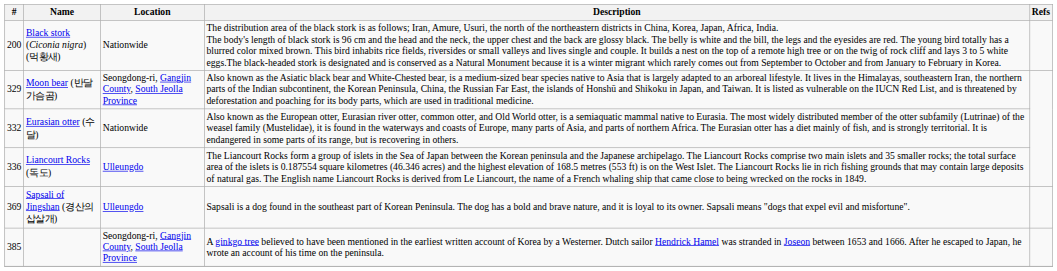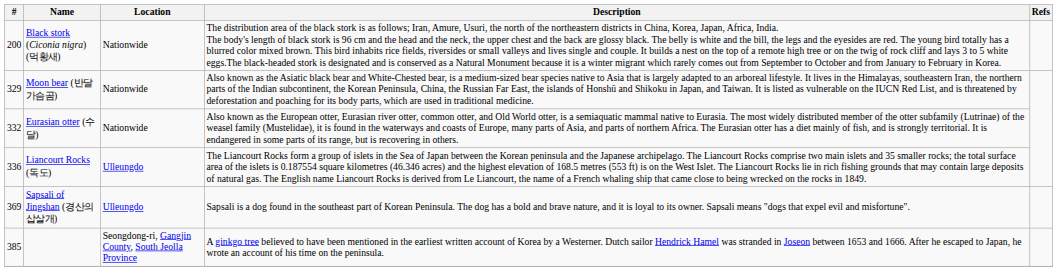 <table class="wikitable sortable" style="margin-left: 5px; font-size: 90%;">
 <tr>
 <th align="center">#</th>
 <th align="center">Name</th>
 <th align="center">Location</th>
 <th align="center">Description</th>
 <th align="center">Refs</th>
 </tr>
 <tr>
 <td>200</td>
 <td><a href='#'>Black stork</a> (<em>Ciconia nigra</em>) (먹황새)</td>
 <td>Nationwide</td>
 <td>The distribution area of the black stork is as follows; Iran, Amure, Usuri, the north of the northeastern districts in China, Korea, Japan, Africa, India.<br>The body's length of black stork is 96 cm and the head and the neck, the upper chest and the back are glossy black. The belly is white and the bill, the legs and the eyesides are red. The young bird totally has a blurred color mixed brown. This bird inhabits rice fields, riversides or small valleys and lives single and couple. It builds a nest on the top of a remote high tree or on the twig of rock cliff and lays 3 to 5 white eggs.The black-headed stork is designated and is conserved as a Natural Monument because it is a winter migrant which rarely comes out from September to October and from January to February in Korea.</td>
 <td></td>
 </tr>
 <tr>
 <td>329</td>
 <td><a href='#'>Moon bear</a> (반달가슴곰)</td>
-<td>Seongdong-ri, <a href='#'>Gangjin County</a>, <a href='#'>South Jeolla Province</a></td>
+<td>Nationwide</td>
 <td>Also known as the Asiatic black bear and White-Chested bear, is a medium-sized bear species native to Asia that is largely adapted to an arboreal lifestyle. It lives in the Himalayas, southeastern Iran, the northern parts of the Indian subcontinent, the Korean Peninsula, China, the Russian Far East, the islands of Honshū and Shikoku in Japan, and Taiwan. It is listed as vulnerable on the IUCN Red List, and is threatened by deforestation and poaching for its body parts, which are used in traditional medicine.</td>
 </tr>
 <tr>
 <td>332</td>
 <td><a href='#'>Eurasian otter</a> (수달)</td>
 <td>Nationwide</td>
 <td>Also known as the European otter, Eurasian river otter, common otter, and Old World otter, is a semiaquatic mammal native to Eurasia. The most widely distributed member of the otter subfamily (Lutrinae) of the weasel family (Mustelidae), it is found in the waterways and coasts of Europe, many parts of Asia, and parts of northern Africa. The Eurasian otter has a diet mainly of fish, and is strongly territorial. It is endangered in some parts of its range, but is recovering in others.</td>
 </tr>
 <tr>
 <td>336</td>
 <td><a href='#'>Liancourt Rocks</a> (독도)</td>
 <td><a href='#'>Ulleungdo</a></td>
 <td>The Liancourt Rocks form a group of islets in the Sea of Japan between the Korean peninsula and the Japanese archipelago. The Liancourt Rocks comprise two main islets and 35 smaller rocks; the total surface area of the islets is 0.187554 square kilometres (46.346 acres) and the highest elevation of 168.5 metres (553 ft) is on the West Islet. The Liancourt Rocks lie in rich fishing grounds that may contain large deposits of natural gas. The English name Liancourt Rocks is derived from Le Liancourt, the name of a French whaling ship that came close to being wrecked on the rocks in 1849.</td>
 </tr>
 <tr>
 <td>369</td>
 <td><a href='#'>Sapsali of Jingshan</a> (경산의 삽살개)</td>
 <td><a href='#'>Ulleungdo</a></td>
 <td>Sapsali is a dog found in the southeast part of Korean Peninsula. The dog has a bold and brave nature, and it is loyal to its owner. Sapsali means "dogs that expel evil and misfortune".</td>
 <td></td>
 </tr>
 <tr>
 <td>385</td>
 <td></td>
 <td>Seongdong-ri, <a href='#'>Gangjin County</a>, <a href='#'>South Jeolla Province</a></td>
 <td>A <a href='#'>ginkgo tree</a> believed to have been mentioned in the earliest written account of Korea by a Westerner. Dutch sailor <a href='#'>Hendrick Hamel</a> was stranded in <a href='#'>Joseon</a> between 1653 and 1666. After he escaped to Japan, he wrote an account of his time on the peninsula.</td>
 <td></td>
 </tr>
 <tr>
 </tr>
 </table>
